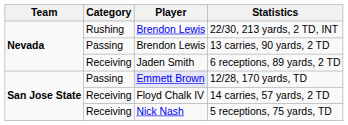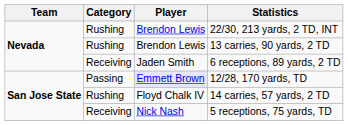 <table class="wikitable" style="float: right;">
 <tr>
 <th>Team</th>
 <th>Category</th>
 <th>Player</th>
 <th>Statistics</th>
 </tr>
 <tr>
 <td rowspan=3><strong>Nevada</strong></td>
 <td>Rushing</td>
 <td><a href='#'>Brendon Lewis</a></td>
 <td>22/30, 213 yards, 2 TD, INT</td>
 </tr>
 <tr>
-<td>Passing</td>
+<td>Rushing</td>
 <td>Brendon Lewis</td>
 <td>13 carries, 90 yards, 2 TD</td>
 </tr>
 <tr>
 <td>Receiving</td>
 <td>Jaden Smith</td>
 <td>6 receptions, 89 yards, 2 TD</td>
 </tr>
 <tr>
 <td rowspan=3><strong>San Jose State</strong></td>
 <td>Passing</td>
 <td style="background: lavender;"><a href='#'>Emmett Brown</a></td>
 <td>12/28, 170 yards, TD</td>
 </tr>
 <tr>
-<td>Receiving</td>
+<td>Rushing</td>
 <td>Floyd Chalk IV</td>
 <td>14 carries, 57 yards, 2 TD</td>
 </tr>
 <tr>
 <td>Receiving</td>
 <td><a href='#'>Nick Nash</a></td>
 <td>5 receptions, 75 yards, TD</td>
 </tr>
 </table>
